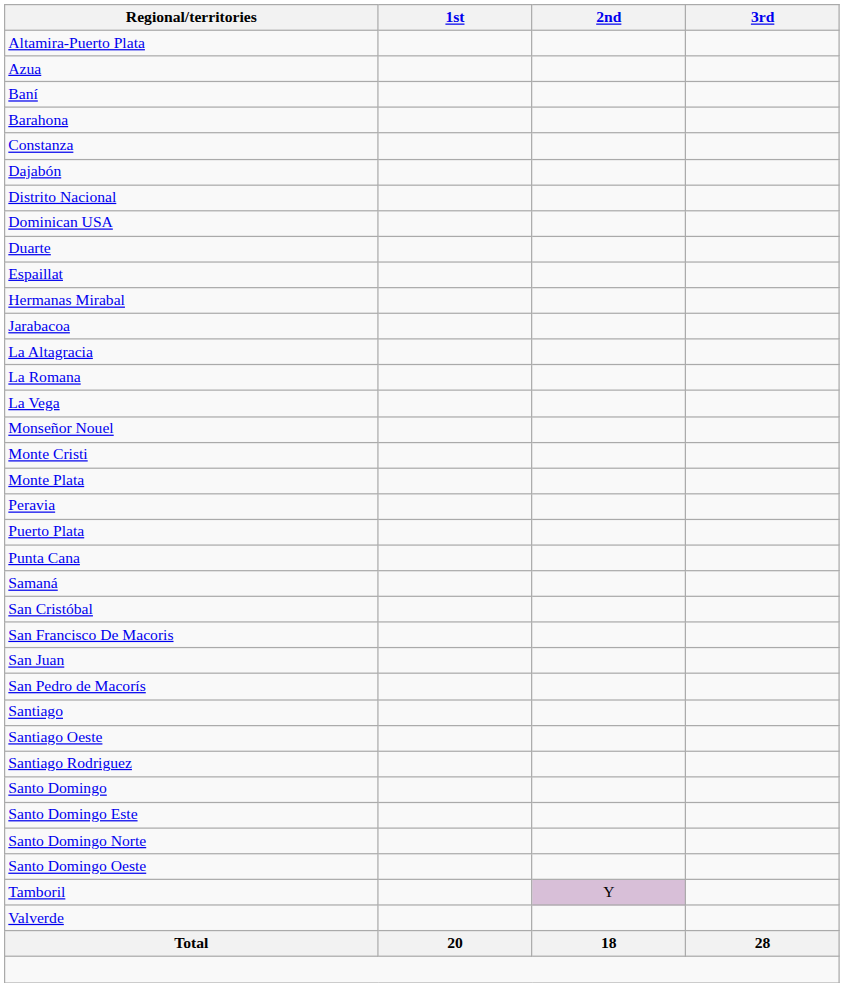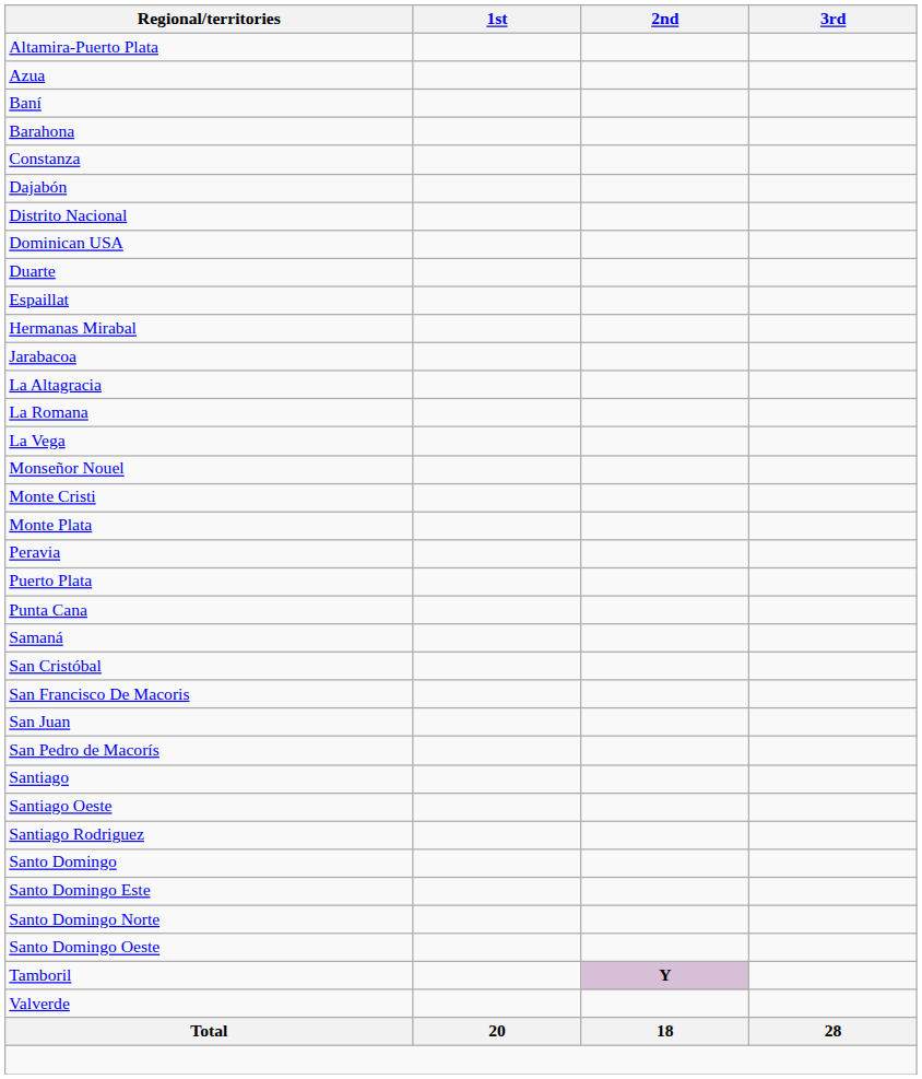 <table class="wikitable sortable" style="font-size: 80%;">
 <tr>
 <th width=300>Regional/territories</th>
 <th width=120><a href='#'>1st</a></th>
 <th width=120><a href='#'>2nd</a></th>
 <th width=120><a href='#'>3rd</a></th>
 </tr>
 <tr>
 <td><a href='#'>Altamira-Puerto Plata</a></td>
 <td></td>
 <td></td>
 <td></td>
 </tr>
 <tr>
 <td><a href='#'>Azua</a></td>
 <td></td>
 <td></td>
 <td></td>
 </tr>
 <tr>
 <td><a href='#'>Baní</a></td>
 <td></td>
 <td></td>
 <td></td>
 </tr>
 <tr>
 <td><a href='#'>Barahona</a></td>
 <td></td>
 <td></td>
 <td></td>
 </tr>
 <tr>
 <td><a href='#'>Constanza</a></td>
 <td></td>
 <td></td>
 <td></td>
 </tr>
 <tr>
 <td><a href='#'>Dajabón</a></td>
 <td></td>
 <td></td>
 <td></td>
 </tr>
 <tr>
 <td><a href='#'>Distrito Nacional</a></td>
 <td></td>
 <td></td>
 <td></td>
 </tr>
 <tr>
 <td><a href='#'>Dominican USA</a></td>
 <td></td>
 <td></td>
 <td></td>
 </tr>
 <tr>
 <td><a href='#'>Duarte</a></td>
 <td></td>
 <td></td>
 <td></td>
 </tr>
 <tr>
 <td><a href='#'>Espaillat</a></td>
 <td></td>
 <td></td>
 <td></td>
 </tr>
 <tr>
 <td><a href='#'>Hermanas Mirabal</a></td>
 <td></td>
 <td></td>
 <td></td>
 </tr>
 <tr>
 <td><a href='#'>Jarabacoa</a></td>
 <td></td>
 <td></td>
 <td></td>
 </tr>
 <tr>
 <td><a href='#'>La Altagracia</a></td>
 <td></td>
 <td></td>
 <td></td>
 </tr>
 <tr>
 <td><a href='#'>La Romana</a></td>
 <td></td>
 <td></td>
 <td></td>
 </tr>
 <tr>
 <td><a href='#'>La Vega</a></td>
 <td></td>
 <td></td>
 <td></td>
 </tr>
 <tr>
 <td><a href='#'>Monseñor Nouel</a></td>
 <td></td>
 <td></td>
 <td></td>
 </tr>
 <tr>
 <td><a href='#'>Monte Cristi</a></td>
 <td></td>
 <td></td>
 <td></td>
 </tr>
 <tr>
 <td><a href='#'>Monte Plata</a></td>
 <td></td>
 <td></td>
 <td></td>
 </tr>
 <tr>
 <td><a href='#'>Peravia</a></td>
 <td></td>
 <td></td>
 <td></td>
 </tr>
 <tr>
 <td><a href='#'>Puerto Plata</a></td>
 <td></td>
 <td></td>
 <td></td>
 </tr>
 <tr>
 <td><a href='#'>Punta Cana</a></td>
 <td></td>
 <td></td>
 <td></td>
 </tr>
 <tr>
 <td><a href='#'>Samaná</a></td>
 <td></td>
 <td></td>
 <td></td>
 </tr>
 <tr>
 <td><a href='#'>San Cristóbal</a></td>
 <td></td>
 <td></td>
 <td></td>
 </tr>
 <tr>
 <td><a href='#'>San Francisco De Macoris</a></td>
 <td></td>
 <td></td>
 <td></td>
 </tr>
 <tr>
 <td><a href='#'>San Juan</a></td>
 <td></td>
 <td></td>
 <td></td>
 </tr>
 <tr>
 <td><a href='#'>San Pedro de Macorís</a></td>
 <td></td>
 <td></td>
 <td></td>
 </tr>
 <tr>
 <td><a href='#'>Santiago</a></td>
 <td></td>
 <td></td>
 <td></td>
 </tr>
 <tr>
 <td><a href='#'>Santiago Oeste</a></td>
 <td></td>
 <td></td>
 <td></td>
 </tr>
 <tr>
 <td><a href='#'>Santiago Rodriguez</a></td>
 <td></td>
 <td></td>
 <td></td>
 </tr>
 <tr>
 <td><a href='#'>Santo Domingo</a></td>
 <td></td>
 <td></td>
 <td></td>
 </tr>
 <tr>
 <td><a href='#'>Santo Domingo Este</a></td>
 <td></td>
 <td></td>
 <td></td>
 </tr>
 <tr>
 <td><a href='#'>Santo Domingo Norte</a></td>
 <td></td>
 <td></td>
 <td></td>
 </tr>
 <tr>
 <td><a href='#'>Santo Domingo Oeste</a></td>
 <td></td>
 <td></td>
 <td></td>
 </tr>
 <tr>
 <td><a href='#'>Tamboril</a></td>
 <td></td>
-<td bgcolor=#D8BFD8 align=center>Y</td>
+<td bgcolor=#D8BFD8 align=center><strong>Y</strong></td>
 <td></td>
 </tr>
 <tr>
 <td><a href='#'>Valverde</a></td>
 <td></td>
 <td></td>
 <td></td>
 </tr>
 <tr>
 <th>Total</th>
 <th>20</th>
 <th>18</th>
 <th>28</th>
 </tr>
 <tr>
 <td colspan="9" align=left><br></td>
 </tr>
 </table>
